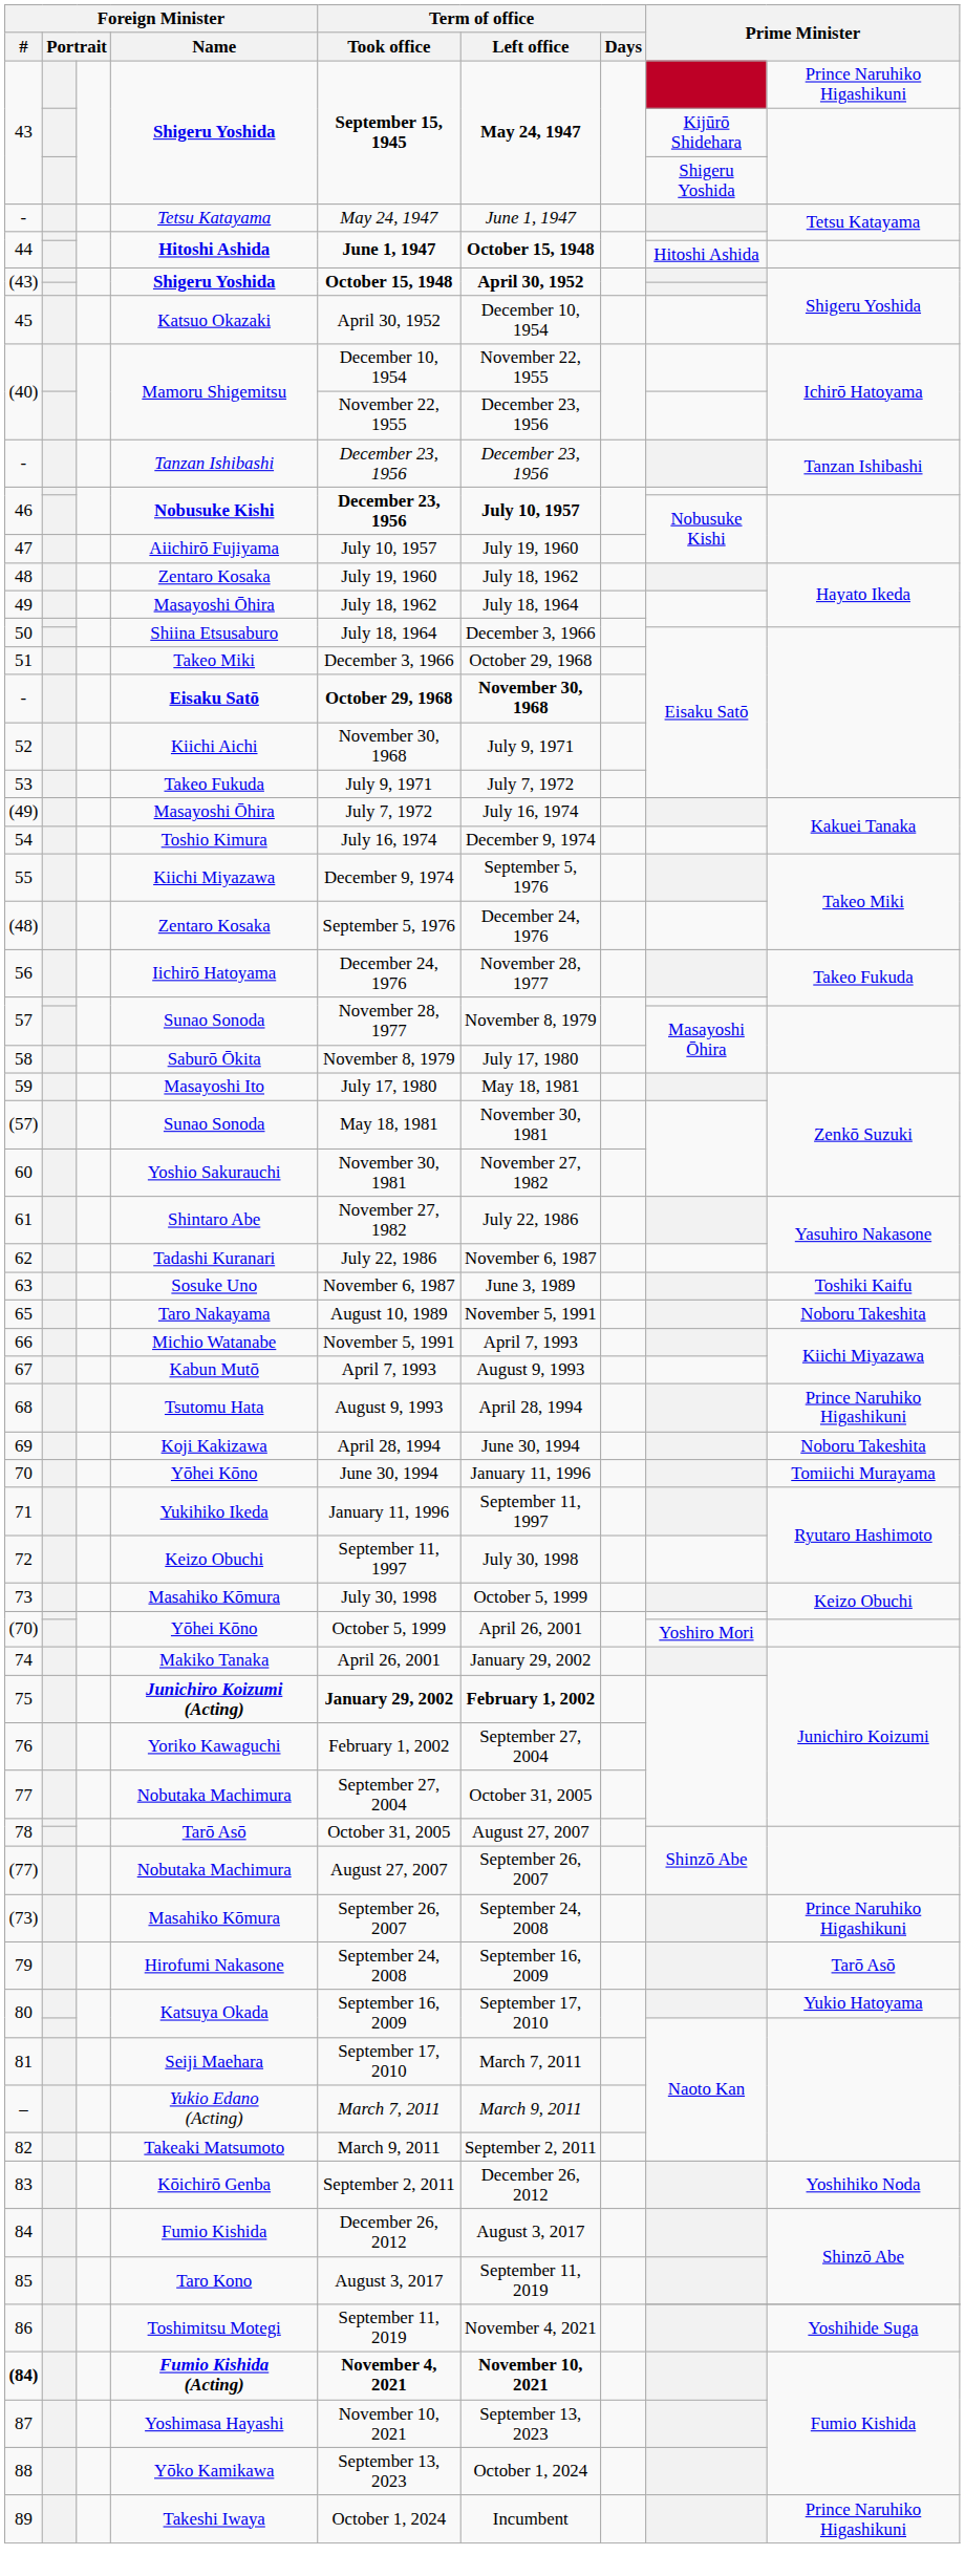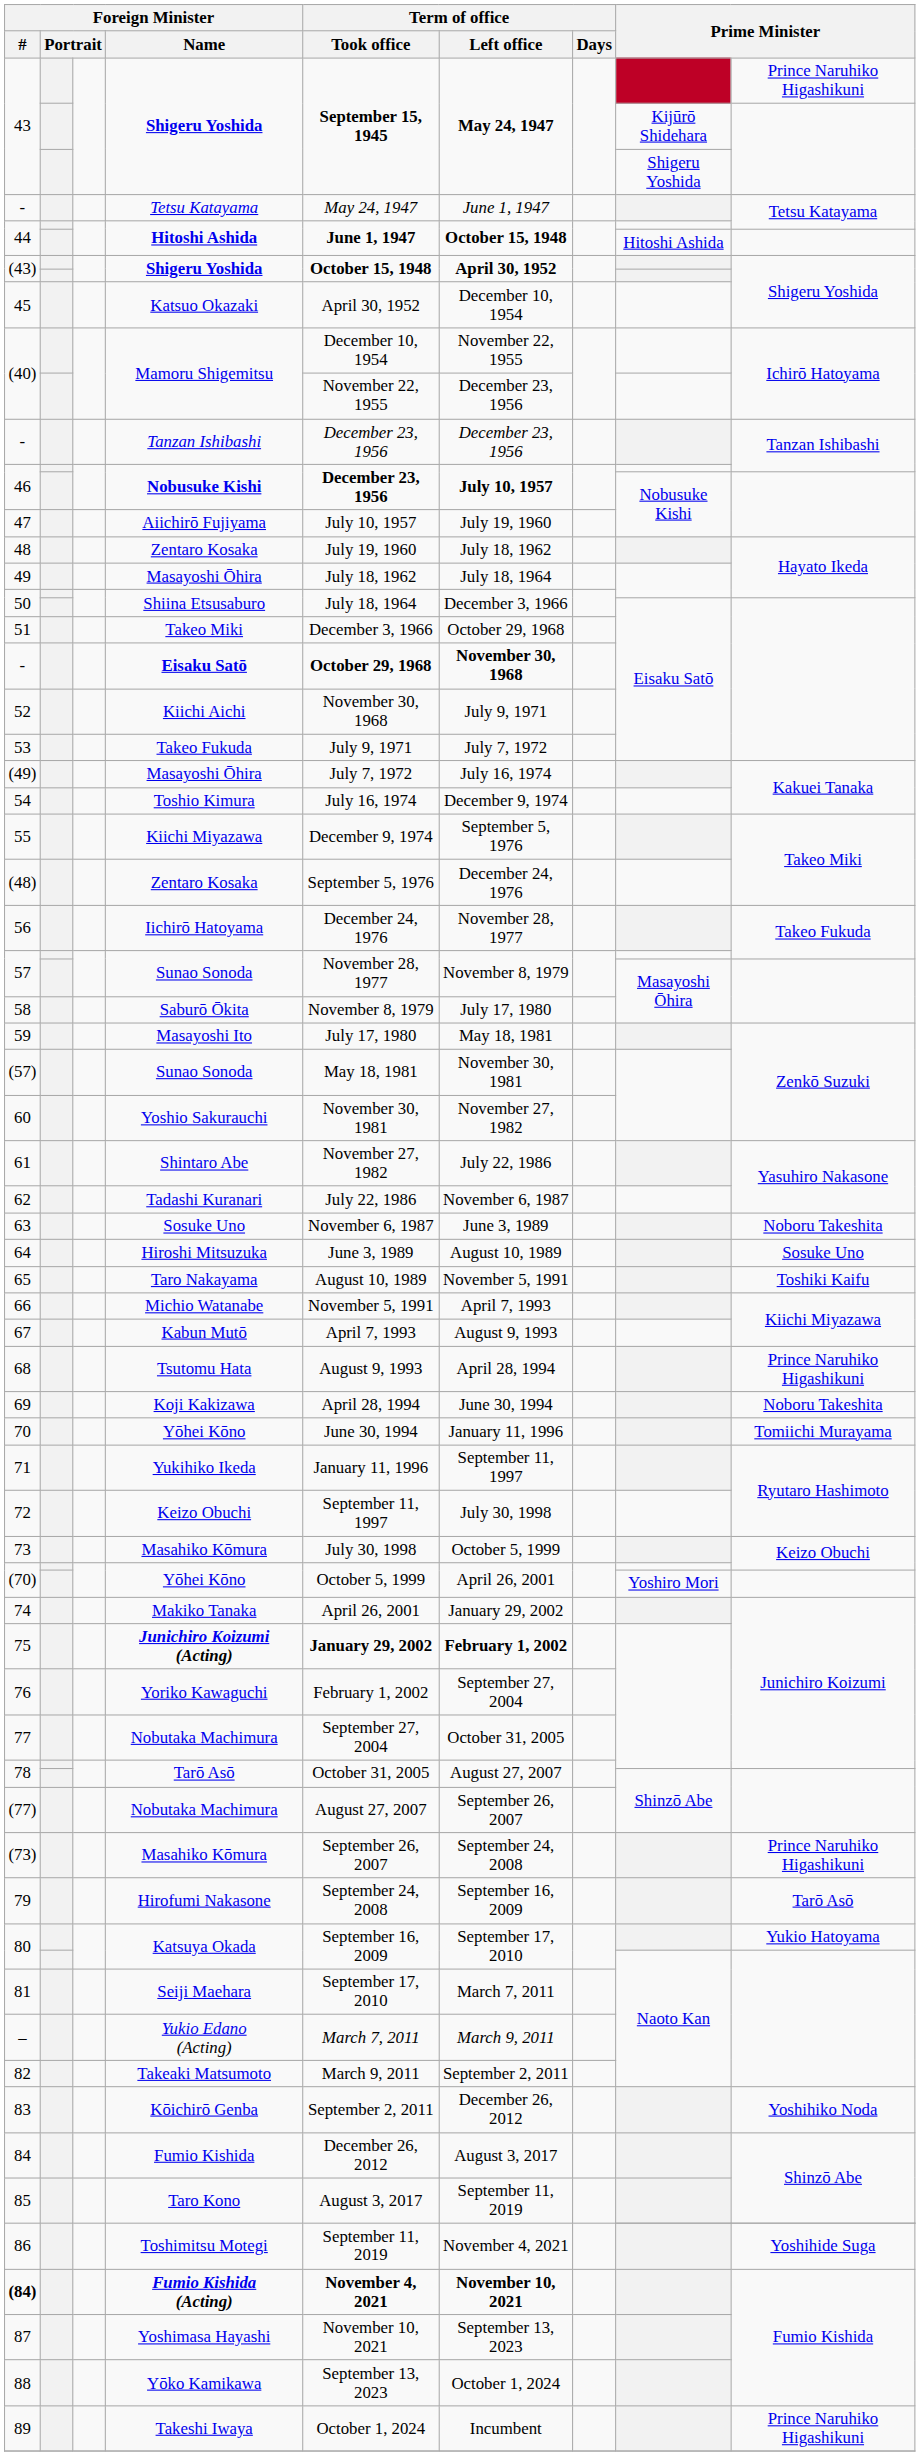 <table class="wikitable"  style="text-align:center">
 <tr>
 <th colspan=4>Foreign Minister</th>
 <th colspan=3>Term of office</th>
 <th style="width:160px;" rowspan=2 colspan=2>Prime Minister</th>
 </tr>
 <tr>
 <th>#</th>
 <th colspan=2>Portrait</th>
 <th width=180px>Name</th>
 <th>Took office</th>
 <th>Left office</th>
 <th>Days</th>
 </tr>
 <tr>
 <td rowspan=3>43</td>
 <th style="background-color: "></th>
 <td rowspan=3></td>
 <td rowspan=3><strong><a href='#'>Shigeru Yoshida</a></strong></td>
 <td rowspan=3><strong>September 15, 1945</strong></td>
 <td rowspan=3><strong>May 24, 1947</strong></td>
 <td rowspan=3><strong></strong></td>
 <th style="background-color: #be0026"></th>
 <td><a href='#'>Prince Naruhiko Higashikuni</a></td>
 </tr>
 <tr>
 <th style="background-color: "></th>
 <td><a href='#'>Kijūrō Shidehara</a></td>
 </tr>
 <tr>
 <th style="background-color: "></th>
 <td><a href='#'>Shigeru Yoshida</a></td>
 </tr>
 <tr>
 <td>-</td>
 <th style="background-color: "></th>
 <td></td>
 <td><em><a href='#'>Tetsu Katayama</a></em></td>
 <td><em>May 24, 1947</em></td>
 <td><em>June 1, 1947</em></td>
 <td><em></em></td>
 <th style="background-color: "></th>
 <td rowspan=2><a href='#'>Tetsu Katayama</a></td>
 </tr>
 <tr>
 <td rowspan=2>44</td>
 <th style="background-color: "></th>
 <td rowspan=2></td>
 <td rowspan=2><strong><a href='#'>Hitoshi Ashida</a></strong></td>
 <td rowspan=2><strong>June 1, 1947</strong></td>
 <td rowspan=2><strong>October 15, 1948</strong></td>
 <td rowspan=2><strong></strong></td>
 </tr>
 <tr>
 <th style="background-color: "></th>
 <td><a href='#'>Hitoshi Ashida</a></td>
 </tr>
 <tr>
 <td rowspan=2>(43)</td>
 <th style="background-color: "></th>
 <td rowspan=2></td>
 <td rowspan=2><strong><a href='#'>Shigeru Yoshida</a></strong></td>
 <td rowspan=2><strong>October 15, 1948</strong></td>
 <td rowspan=2><strong>April 30, 1952</strong></td>
 <td rowspan=2><strong></strong></td>
 <th style="background-color: "></th>
 <td rowspan=3><a href='#'>Shigeru Yoshida</a></td>
 </tr>
 <tr>
 <th style="background-color: "></th>
 <th style="background-color: "></th>
 </tr>
 <tr>
 <td>45</td>
 <th style="background-color: "></th>
 <td></td>
 <td><a href='#'>Katsuo Okazaki</a></td>
 <td>April 30, 1952</td>
 <td>December 10, 1954</td>
 <td></td>
 </tr>
 <tr>
 <td rowspan=2>(40)</td>
 <th style="background-color: "></th>
 <td rowspan=2></td>
 <td rowspan=2><a href='#'>Mamoru Shigemitsu</a></td>
 <td>December 10, 1954</td>
 <td>November 22, 1955</td>
 <td rowspan=2></td>
 <td style="background-color: "></td>
 <td rowspan=2><a href='#'>Ichirō Hatoyama</a></td>
 </tr>
 <tr>
 <th style="background-color: "></th>
 <td>November 22, 1955</td>
 <td>December 23, 1956</td>
 <td style="background-color: "></td>
 </tr>
 <tr>
 <td>-</td>
 <th style="background-color: "></th>
 <td></td>
 <td><em><a href='#'>Tanzan Ishibashi</a></em></td>
 <td><em>December 23, 1956</em></td>
 <td><em>December 23, 1956</em></td>
 <td><em></em></td>
 <th style="background-color: "></th>
 <td rowspan=2><a href='#'>Tanzan Ishibashi</a></td>
 </tr>
 <tr>
 <td rowspan=2>46</td>
 <th style="background-color: "></th>
 <td rowspan=2></td>
 <td rowspan=2><strong><a href='#'>Nobusuke Kishi</a></strong></td>
 <td rowspan=2><strong>December 23, 1956</strong></td>
 <td rowspan=2><strong>July 10, 1957</strong></td>
 <td rowspan=2><strong></strong></td>
 </tr>
 <tr>
 <th style="background-color: "></th>
 <td rowspan=2><a href='#'>Nobusuke Kishi</a></td>
 </tr>
 <tr>
 <td>47</td>
 <th style="background-color: "></th>
 <td></td>
 <td><a href='#'>Aiichirō Fujiyama</a></td>
 <td>July 10, 1957</td>
 <td>July 19, 1960</td>
 <td></td>
 </tr>
 <tr>
 <td>48</td>
 <th style="background-color: "></th>
 <td></td>
 <td><a href='#'>Zentaro Kosaka</a></td>
 <td>July 19, 1960</td>
 <td>July 18, 1962</td>
 <td></td>
 <th style="background-color: "></th>
 <td rowspan=3><a href='#'>Hayato Ikeda</a></td>
 </tr>
 <tr>
 <td>49</td>
 <th style="background-color: "></th>
 <td></td>
 <td><a href='#'>Masayoshi Ōhira</a></td>
 <td>July 18, 1962</td>
 <td>July 18, 1964</td>
 <td></td>
 </tr>
 <tr>
 <td rowspan=2>50</td>
 <th style="background-color: "></th>
 <td rowspan=2></td>
 <td rowspan=2><a href='#'>Shiina Etsusaburo</a></td>
 <td rowspan=2>July 18, 1964</td>
 <td rowspan=2>December 3, 1966</td>
 <td rowspan=2></td>
 </tr>
 <tr>
 <th style="background-color: "></th>
 <td rowspan=5><a href='#'>Eisaku Satō</a></td>
 </tr>
 <tr>
 <td>51</td>
 <th style="background-color: "></th>
 <td></td>
 <td><a href='#'>Takeo Miki</a></td>
 <td>December 3, 1966</td>
 <td>October 29, 1968</td>
 <td></td>
 </tr>
 <tr>
 <td>-</td>
 <th style="background-color: "></th>
 <td></td>
 <td><strong><a href='#'>Eisaku Satō</a></strong></td>
 <td><strong>October 29, 1968</strong></td>
 <td><strong>November 30, 1968</strong></td>
 <td><strong></strong></td>
 </tr>
 <tr>
 <td>52</td>
 <th style="background-color: "></th>
 <td></td>
 <td><a href='#'>Kiichi Aichi</a></td>
 <td>November 30, 1968</td>
 <td>July 9, 1971</td>
 <td></td>
 </tr>
 <tr>
 <td>53</td>
 <th style="background-color: "></th>
 <td></td>
 <td><a href='#'>Takeo Fukuda</a></td>
 <td>July 9, 1971</td>
 <td>July 7, 1972</td>
 <td></td>
 </tr>
 <tr>
 <td>(49)</td>
 <th style="background-color: "></th>
 <td></td>
 <td><a href='#'>Masayoshi Ōhira</a></td>
 <td>July 7, 1972</td>
 <td>July 16, 1974</td>
 <td></td>
 <th style="background-color: "></th>
 <td rowspan=2><a href='#'>Kakuei Tanaka</a></td>
 </tr>
 <tr>
 <td>54</td>
 <th style="background-color: "></th>
 <td></td>
 <td><a href='#'>Toshio Kimura</a></td>
 <td>July 16, 1974</td>
 <td>December 9, 1974</td>
 <td></td>
 </tr>
 <tr>
 <td>55</td>
 <th style="background-color: "></th>
 <td></td>
 <td><a href='#'>Kiichi Miyazawa</a></td>
 <td>December 9, 1974</td>
 <td>September 5, 1976</td>
 <td></td>
 <th style="background-color: "></th>
 <td rowspan=2><a href='#'>Takeo Miki</a></td>
 </tr>
 <tr>
 <td>(48)</td>
 <th style="background-color: "></th>
 <td></td>
 <td><a href='#'>Zentaro Kosaka</a></td>
 <td>September 5, 1976</td>
 <td>December 24, 1976</td>
 <td></td>
 </tr>
 <tr>
 <td>56</td>
 <th style="background-color: "></th>
 <td></td>
 <td><a href='#'>Iichirō Hatoyama</a></td>
 <td>December 24, 1976</td>
 <td>November 28, 1977</td>
 <td></td>
 <th style="background-color: "></th>
 <td rowspan=2><a href='#'>Takeo Fukuda</a></td>
 </tr>
 <tr>
 <td rowspan=2>57</td>
 <th style="background-color: "></th>
 <td rowspan=2></td>
 <td rowspan=2><a href='#'>Sunao Sonoda</a></td>
 <td rowspan=2>November 28, 1977</td>
 <td rowspan=2>November 8, 1979</td>
 <td rowspan=2></td>
 </tr>
 <tr>
 <th style="background-color: "></th>
 <td rowspan=2><a href='#'>Masayoshi Ōhira</a></td>
 </tr>
 <tr>
 <td>58</td>
 <th style="background-color: "></th>
 <td></td>
 <td><a href='#'>Saburō Ōkita</a></td>
 <td>November 8, 1979</td>
 <td>July 17, 1980</td>
 <td></td>
 </tr>
 <tr>
 <td>59</td>
 <th style="background-color: "></th>
 <td></td>
 <td><a href='#'>Masayoshi Ito</a></td>
 <td>July 17, 1980</td>
 <td>May 18, 1981</td>
 <td></td>
 <th style="background-color: "></th>
 <td rowspan=3><a href='#'>Zenkō Suzuki</a></td>
 </tr>
 <tr>
 <td>(57)</td>
 <th style="background-color: "></th>
 <td></td>
 <td><a href='#'>Sunao Sonoda</a></td>
 <td>May 18, 1981</td>
 <td>November 30, 1981</td>
 <td></td>
 </tr>
 <tr>
 <td>60</td>
 <th style="background-color: "></th>
 <td></td>
 <td><a href='#'>Yoshio Sakurauchi</a></td>
 <td>November 30, 1981</td>
 <td>November 27, 1982</td>
 <td></td>
 </tr>
 <tr>
 <td>61</td>
 <th style="background-color: "></th>
 <td></td>
 <td><a href='#'>Shintaro Abe</a></td>
 <td>November 27, 1982</td>
 <td>July 22, 1986</td>
 <td></td>
 <th style="background-color: "></th>
 <td rowspan=2><a href='#'>Yasuhiro Nakasone</a></td>
 </tr>
 <tr>
 <td>62</td>
 <th style="background-color: "></th>
 <td></td>
 <td><a href='#'>Tadashi Kuranari</a></td>
 <td>July 22, 1986</td>
 <td>November 6, 1987</td>
 <td></td>
 </tr>
 <tr>
 <td>63</td>
 <th style="background-color: "></th>
 <td></td>
 <td><a href='#'>Sosuke Uno</a></td>
 <td>November 6, 1987</td>
 <td>June 3, 1989</td>
 <td></td>
 <th style="background-color: "></th>
-<td><a href='#'>Toshiki Kaifu</a></td>
+<td><a href='#'>Noboru Takeshita</a></td>
+</tr>
+<tr>
+<td>64</td>
+<th style="background-color: "></th>
+<td></td>
+<td><a href='#'>Hiroshi Mitsuzuka</a></td>
+<td>June 3, 1989</td>
+<td>August 10, 1989</td>
+<td></td>
+<th style="background-color: "></th>
+<td><a href='#'>Sosuke Uno</a></td>
 </tr>
 <tr>
 <td>65</td>
 <th style="background-color: "></th>
 <td></td>
 <td><a href='#'>Taro Nakayama</a></td>
 <td>August 10, 1989</td>
 <td>November 5, 1991</td>
 <td></td>
 <th style="background-color: "></th>
-<td><a href='#'>Noboru Takeshita</a></td>
+<td><a href='#'>Toshiki Kaifu</a></td>
 </tr>
 <tr>
 <td>66</td>
 <th style="background-color: "></th>
 <td></td>
 <td><a href='#'>Michio Watanabe</a></td>
 <td>November 5, 1991</td>
 <td>April 7, 1993</td>
 <td></td>
 <th style="background-color: "></th>
 <td rowspan=2><a href='#'>Kiichi Miyazawa</a></td>
 </tr>
 <tr>
 <td>67</td>
 <th style="background-color: "></th>
 <td></td>
 <td><a href='#'>Kabun Mutō</a></td>
 <td>April 7, 1993</td>
 <td>August 9, 1993</td>
 <td></td>
 </tr>
 <tr>
 <td>68</td>
 <th style="background-color: "></th>
 <td></td>
 <td><a href='#'>Tsutomu Hata</a></td>
 <td>August 9, 1993</td>
 <td>April 28, 1994</td>
 <td></td>
 <th style="background-color: "></th>
 <td><a href='#'>Prince Naruhiko Higashikuni</a></td>
 </tr>
 <tr>
 <td>69</td>
 <th style="background-color: "></th>
 <td></td>
 <td><a href='#'>Koji Kakizawa</a></td>
 <td>April 28, 1994</td>
 <td>June 30, 1994</td>
 <td></td>
 <th style="background-color: "></th>
 <td><a href='#'>Noboru Takeshita</a></td>
 </tr>
 <tr>
 <td>70</td>
 <th style="background-color: "></th>
 <td></td>
 <td><a href='#'>Yōhei Kōno</a></td>
 <td>June 30, 1994</td>
 <td>January 11, 1996</td>
 <td></td>
 <th style="background-color: "></th>
 <td><a href='#'>Tomiichi Murayama</a></td>
 </tr>
 <tr>
 <td>71</td>
 <th style="background-color: "></th>
 <td></td>
 <td><a href='#'>Yukihiko Ikeda</a></td>
 <td>January 11, 1996</td>
 <td>September 11, 1997</td>
 <td></td>
 <th style="background-color: "></th>
 <td rowspan=2><a href='#'>Ryutaro Hashimoto</a></td>
 </tr>
 <tr>
 <td>72</td>
 <th style="background-color: "></th>
 <td></td>
 <td><a href='#'>Keizo Obuchi</a></td>
 <td>September 11, 1997</td>
 <td>July 30, 1998</td>
 <td></td>
 </tr>
 <tr>
 <td>73</td>
 <th style="background-color: "></th>
 <td></td>
 <td><a href='#'>Masahiko Kōmura</a></td>
 <td>July 30, 1998</td>
 <td>October 5, 1999</td>
 <td></td>
 <th style="background-color: "></th>
 <td rowspan=2><a href='#'>Keizo Obuchi</a></td>
 </tr>
 <tr>
 <td rowspan=2>(70)</td>
 <th style="background-color: "></th>
 <td rowspan=2></td>
 <td rowspan=2><a href='#'>Yōhei Kōno</a></td>
 <td rowspan=2>October 5, 1999</td>
 <td rowspan=2>April 26, 2001</td>
 <td rowspan=2></td>
 </tr>
 <tr>
 <th style="background-color: "></th>
 <td><a href='#'>Yoshiro Mori</a></td>
 </tr>
 <tr>
 <td>74</td>
 <th style="background-color: "></th>
 <td></td>
 <td><a href='#'>Makiko Tanaka</a></td>
 <td>April 26, 2001</td>
 <td>January 29, 2002</td>
 <td></td>
 <th style="background-color: "></th>
 <td rowspan=5><a href='#'>Junichiro Koizumi</a></td>
 </tr>
 <tr>
 <td>75</td>
 <th style="background-color: "></th>
 <td></td>
 <td><strong><em><a href='#'>Junichiro Koizumi</a></em></strong><br><strong><em>(Acting)</em></strong></td>
 <td><strong>January 29, 2002</strong></td>
 <td><strong>February 1, 2002</strong></td>
 <td><strong></strong></td>
 </tr>
 <tr>
 <td>76</td>
 <th style="background-color: "></th>
 <td></td>
 <td><a href='#'>Yoriko Kawaguchi</a></td>
 <td>February 1, 2002</td>
 <td>September 27, 2004</td>
 <td></td>
 </tr>
 <tr>
 <td>77</td>
 <th style="background-color: "></th>
 <td></td>
 <td><a href='#'>Nobutaka Machimura</a></td>
 <td>September 27, 2004</td>
 <td>October 31, 2005</td>
 <td></td>
 </tr>
 <tr>
 <td rowspan=2>78</td>
 <th style="background-color: "></th>
 <td rowspan=2></td>
 <td rowspan=2><a href='#'>Tarō Asō</a></td>
 <td rowspan=2>October 31, 2005</td>
 <td rowspan=2>August 27, 2007</td>
 <td rowspan=2></td>
 </tr>
 <tr>
 <th style="background-color: "></th>
 <td rowspan=2><a href='#'>Shinzō Abe</a></td>
 </tr>
 <tr>
 <td>(77)</td>
 <th style="background-color: "></th>
 <td></td>
 <td><a href='#'>Nobutaka Machimura</a></td>
 <td>August 27, 2007</td>
 <td>September 26, 2007</td>
 <td></td>
 </tr>
 <tr>
 <td>(73)</td>
 <th style="background-color: "></th>
 <td></td>
 <td><a href='#'>Masahiko Kōmura</a></td>
 <td>September 26, 2007</td>
 <td>September 24, 2008</td>
 <td></td>
 <th style="background-color: "></th>
 <td><a href='#'>Prince Naruhiko Higashikuni</a></td>
 </tr>
 <tr>
 <td>79</td>
 <th style="background-color: "></th>
 <td></td>
 <td><a href='#'>Hirofumi Nakasone</a></td>
 <td>September 24, 2008</td>
 <td>September 16, 2009</td>
 <td></td>
 <th style="background-color: "></th>
 <td><a href='#'>Tarō Asō</a></td>
 </tr>
 <tr>
 <td rowspan=2>80</td>
 <th style="background-color: "></th>
 <td rowspan=2></td>
 <td rowspan=2><a href='#'>Katsuya Okada</a></td>
 <td rowspan=2>September 16, 2009</td>
 <td rowspan=2>September 17, 2010</td>
 <td rowspan=2></td>
 <th style="background-color: "></th>
 <td><a href='#'>Yukio Hatoyama</a></td>
 </tr>
 <tr>
 <th style="background-color: "></th>
 <td rowspan=4><a href='#'>Naoto Kan</a></td>
 </tr>
 <tr>
 <td>81</td>
 <th style="background-color: "></th>
 <td></td>
 <td><a href='#'>Seiji Maehara</a></td>
 <td>September 17, 2010</td>
 <td>March 7, 2011</td>
 <td></td>
 </tr>
 <tr>
 <td>–</td>
 <th style="background-color: "></th>
 <td></td>
 <td><em><a href='#'>Yukio Edano</a></em> <em><br>(Acting)</em></td>
 <td><em>March 7, 2011</em></td>
 <td><em>March 9, 2011</em></td>
 <td><em></em></td>
 </tr>
 <tr>
 <td>82</td>
 <th style="background-color: "></th>
 <td></td>
 <td><a href='#'>Takeaki Matsumoto</a></td>
 <td>March 9, 2011</td>
 <td>September 2, 2011</td>
 <td></td>
 </tr>
 <tr>
 <td>83</td>
 <th style="background-color: "></th>
 <td></td>
 <td><a href='#'>Kōichirō Genba</a></td>
 <td>September 2, 2011</td>
 <td>December 26, 2012</td>
 <td></td>
 <th style="background-color: "></th>
 <td><a href='#'>Yoshihiko Noda</a></td>
 </tr>
 <tr>
 <td>84</td>
 <th style="background-color: "></th>
 <td></td>
 <td><a href='#'>Fumio Kishida</a></td>
 <td>December 26, 2012</td>
 <td>August 3, 2017</td>
 <td></td>
 <th style="background-color: "></th>
 <td rowspan=2><a href='#'>Shinzō Abe</a></td>
 </tr>
 <tr>
 <td>85</td>
 <th style="background-color: "></th>
 <td></td>
 <td><a href='#'>Taro Kono</a></td>
 <td>August 3, 2017</td>
 <td>September 11, 2019</td>
 <td></td>
 <th style="background-color: "></th>
 </tr>
 <tr>
 <td rowspan=2>86</td>
 <th rowspan=2 style="background-color: "></th>
 <td rowspan=2></td>
 <td rowspan=2><a href='#'>Toshimitsu Motegi</a></td>
 <td rowspan=2>September 11, 2019</td>
 <td rowspan=2>November 4, 2021</td>
 <td rowspan=2></td>
 </tr>
 <tr>
 <th style="background-color: "></th>
 <td><a href='#'>Yoshihide Suga</a></td>
 </tr>
 <tr>
 <td><strong>(84)</strong></td>
 <th style="background-color: "></th>
 <td></td>
 <td><strong><em><a href='#'>Fumio Kishida</a></em></strong><br><strong><em>(Acting)</em></strong></td>
 <td><strong>November 4, 2021</strong></td>
 <td><strong>November 10, 2021</strong></td>
 <td><strong></strong></td>
 <th style="background-color: "></th>
 <td rowspan="3"><a href='#'>Fumio Kishida</a></td>
 </tr>
 <tr>
 <td>87</td>
 <th style="background-color: "></th>
 <td></td>
 <td><a href='#'>Yoshimasa Hayashi</a></td>
 <td>November 10, 2021</td>
 <td>September 13, 2023</td>
 <td></td>
 <th style="background-color: "></th>
 </tr>
 <tr>
 <td>88</td>
 <th style="background-color: "></th>
 <td></td>
 <td><a href='#'>Yōko Kamikawa</a></td>
 <td>September 13, 2023</td>
 <td>October 1, 2024</td>
 <td></td>
 <th style="background-color: "></th>
 </tr>
 <tr>
 <td>89</td>
 <th style="background-color: "></th>
 <td></td>
 <td><a href='#'>Takeshi Iwaya</a></td>
 <td>October 1, 2024</td>
 <td>Incumbent</td>
 <td></td>
 <th style="background-color: "></th>
 <td><a href='#'>Prince Naruhiko Higashikuni</a></td>
 </tr>
 <tr>
 </tr>
 </table>
